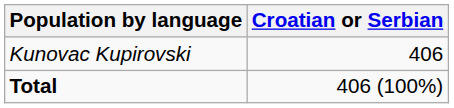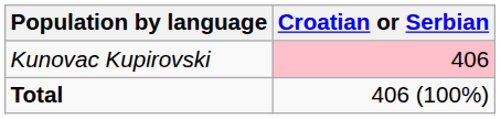 <table class="wikitable sortable">
 <tr>
 <th>Population by language</th>
 <th><a href='#'>Croatian</a> or <a href='#'>Serbian</a></th>
 </tr>
 <tr>
 <td><em>Kunovac Kupirovski</em></td>
-<td align="right">406</td>
+<td align="right" style="background: pink;">406</td>
 </tr>
 <tr>
 <td><strong>Total</strong></td>
 <td align="right">406 (100%)</td>
 </tr>
 </table>
